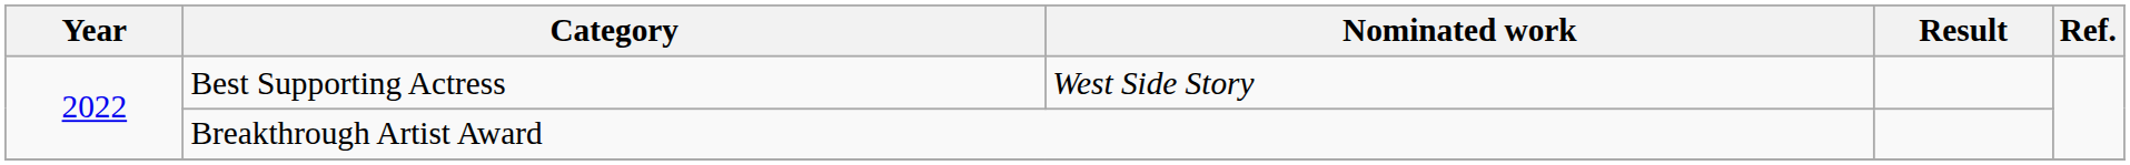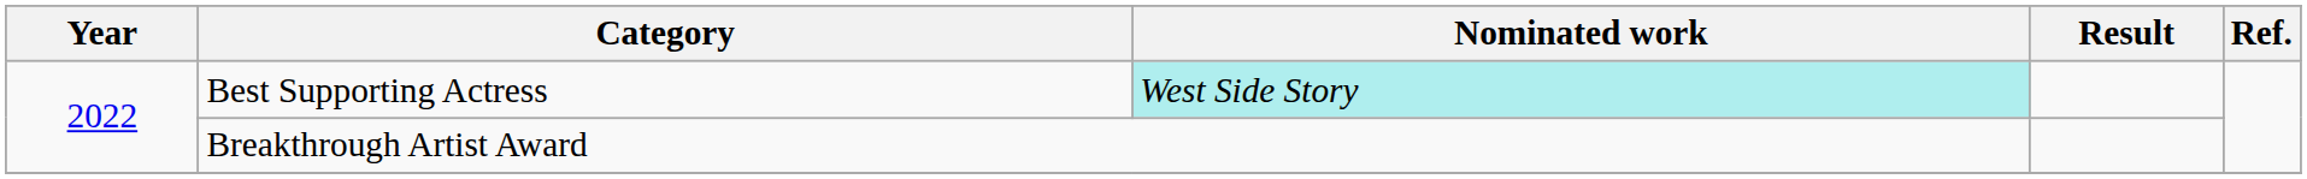 <table class=wikitable>
 <tr>
 <th scope="col" style="width:5em;">Year</th>
 <th scope="col" style="width:26em;">Category</th>
 <th scope="col" style="width:25em;">Nominated work</th>
 <th scope="col" style="width:5em;">Result</th>
 <th>Ref.</th>
 </tr>
 <tr>
 <td style="text-align:center;", rowspan="2"><a href='#'>2022</a></td>
 <td>Best Supporting Actress</td>
-<td><em>West Side Story</em></td>
+<td style="background: paleturquoise;"><em>West Side Story</em></td>
 <td></td>
 <td style="text-align:center;" rowspan="2"></td>
 </tr>
 <tr>
 <td colspan=2>Breakthrough Artist Award</td>
 <td></td>
 </tr>
 <tr>
 </tr>
 </table>
